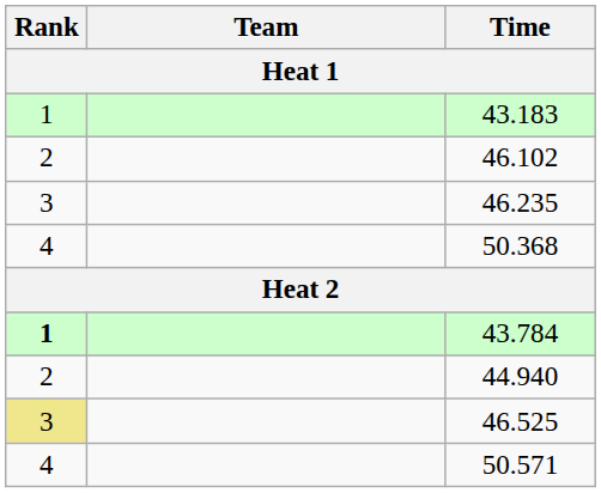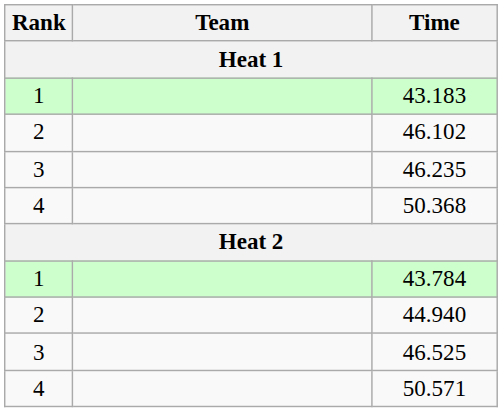 <table class=wikitable style="text-align:center">
 <tr>
 <th width=40>Rank</th>
 <th width=200>Team</th>
 <th width=80>Time</th>
 </tr>
 <tr>
 <th colspan=3>Heat 1</th>
 </tr>
 <tr bgcolor="#ccffcc">
 <td>1</td>
 <td align=left></td>
 <td>43.183</td>
 </tr>
 <tr>
 <td>2</td>
 <td align=left></td>
 <td>46.102</td>
 </tr>
 <tr>
 <td>3</td>
 <td align=left></td>
 <td>46.235</td>
 </tr>
 <tr>
 <td>4</td>
 <td align=left></td>
 <td>50.368</td>
 </tr>
 <tr>
 <th colspan=3>Heat 2</th>
 </tr>
 <tr bgcolor="#ccffcc">
-<td><strong>1</strong></td>
+<td>1</td>
 <td align=left></td>
 <td>43.784</td>
 </tr>
 <tr>
 <td>2</td>
 <td align=left></td>
 <td>44.940</td>
 </tr>
 <tr>
-<td style="background: khaki;">3</td>
+<td>3</td>
 <td align=left></td>
 <td>46.525</td>
 </tr>
 <tr>
 <td>4</td>
 <td align=left></td>
 <td>50.571</td>
 </tr>
 </table>
